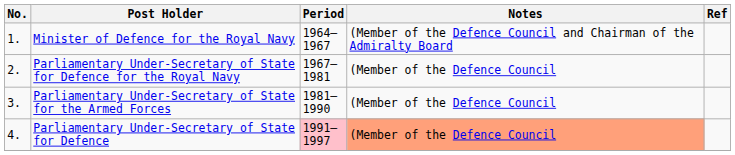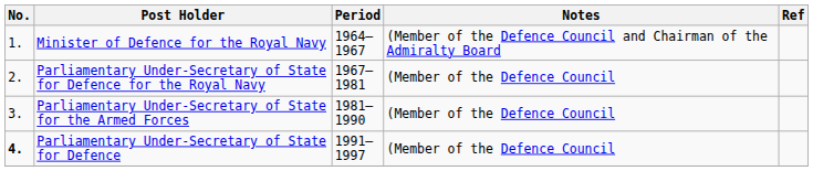 <table class="wikitable">
 <tr>
 <th width=5>No.</th>
 <th width=300>Post Holder</th>
 <th width=30>Period</th>
 <th width=400>Notes</th>
 <th width=5>Ref</th>
 </tr>
 <tr>
 <td>1.</td>
 <td><a href='#'>Minister of Defence for the Royal Navy</a></td>
 <td>1964–1967</td>
 <td>(Member of the <a href='#'>Defence Council</a> and Chairman of the <a href='#'>Admiralty Board</a></td>
 <td></td>
 </tr>
 <tr>
 <td>2.</td>
 <td><a href='#'>Parliamentary Under-Secretary of State for Defence for the Royal Navy</a></td>
 <td>1967–1981</td>
 <td>(Member of the <a href='#'>Defence Council</a></td>
 <td></td>
 </tr>
 <tr>
 <td>3.</td>
 <td><a href='#'>Parliamentary Under-Secretary of State for the Armed Forces</a></td>
 <td>1981–1990</td>
 <td>(Member of the <a href='#'>Defence Council</a></td>
 <td></td>
 </tr>
 <tr>
-<td>4.</td>
+<td><strong>4.</strong></td>
 <td><a href='#'>Parliamentary Under-Secretary of State for Defence</a></td>
-<td style="background: pink;">1991–1997</td>
-<td style="background: lightsalmon;">(Member of the <a href='#'>Defence Council</a></td>
+<td>1991–1997</td>
+<td>(Member of the <a href='#'>Defence Council</a></td>
 <td></td>
 </tr>
 <tr>
 </tr>
 </table>
